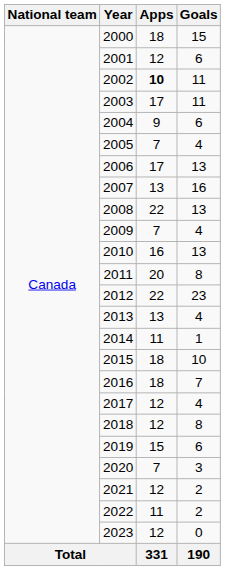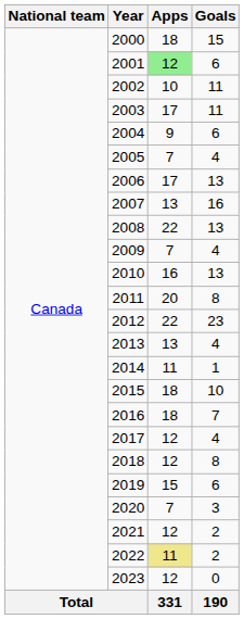 <table class="wikitable" style="text-align:center">
 <tr>
 <th>National team</th>
 <th>Year</th>
 <th>Apps</th>
 <th>Goals</th>
 </tr>
 <tr>
 <td rowspan="24"><a href='#'>Canada</a></td>
 <td>2000</td>
 <td>18</td>
 <td>15</td>
 </tr>
 <tr>
 <td>2001</td>
-<td>12</td>
+<td style="background: lightgreen;">12</td>
 <td>6</td>
 </tr>
 <tr>
 <td>2002</td>
-<td><strong>10</strong></td>
+<td>10</td>
 <td>11</td>
 </tr>
 <tr>
 <td>2003</td>
 <td>17</td>
 <td>11</td>
 </tr>
 <tr>
 <td>2004</td>
 <td>9</td>
 <td>6</td>
 </tr>
 <tr>
 <td>2005</td>
 <td>7</td>
 <td>4</td>
 </tr>
 <tr>
 <td>2006</td>
 <td>17</td>
 <td>13</td>
 </tr>
 <tr>
 <td>2007</td>
 <td>13</td>
 <td>16</td>
 </tr>
 <tr>
 <td>2008</td>
 <td>22</td>
 <td>13</td>
 </tr>
 <tr>
 <td>2009</td>
 <td>7</td>
 <td>4</td>
 </tr>
 <tr>
 <td>2010</td>
 <td>16</td>
 <td>13</td>
 </tr>
 <tr>
 <td>2011</td>
 <td>20</td>
 <td>8</td>
 </tr>
 <tr>
 <td>2012</td>
 <td>22</td>
 <td>23</td>
 </tr>
 <tr>
 <td>2013</td>
 <td>13</td>
 <td>4</td>
 </tr>
 <tr>
 <td>2014</td>
 <td>11</td>
 <td>1</td>
 </tr>
 <tr>
 <td>2015</td>
 <td>18</td>
 <td>10</td>
 </tr>
 <tr>
 <td>2016</td>
 <td>18</td>
 <td>7</td>
 </tr>
 <tr>
 <td>2017</td>
 <td>12</td>
 <td>4</td>
 </tr>
 <tr>
 <td>2018</td>
 <td>12</td>
 <td>8</td>
 </tr>
 <tr>
 <td>2019</td>
 <td>15</td>
 <td>6</td>
 </tr>
 <tr>
 <td>2020</td>
 <td>7</td>
 <td>3</td>
 </tr>
 <tr>
 <td>2021</td>
 <td>12</td>
 <td>2</td>
 </tr>
 <tr>
 <td>2022</td>
-<td>11</td>
+<td style="background: khaki;">11</td>
 <td>2</td>
 </tr>
 <tr>
 <td>2023</td>
 <td>12</td>
 <td>0</td>
 </tr>
 <tr>
 <th colspan="2">Total</th>
 <th>331</th>
 <th>190</th>
 </tr>
 </table>
